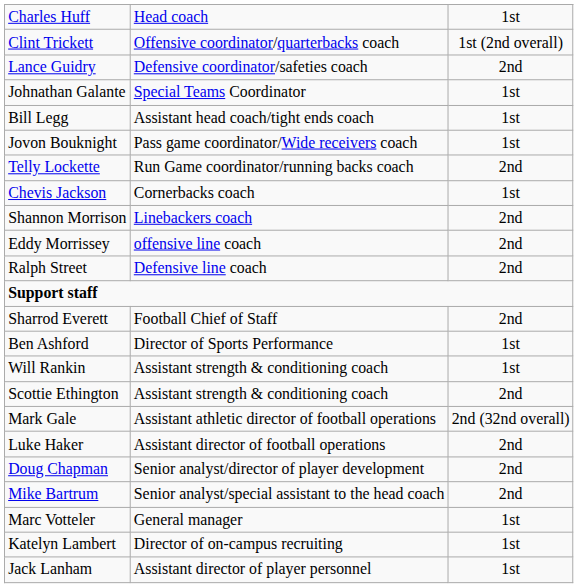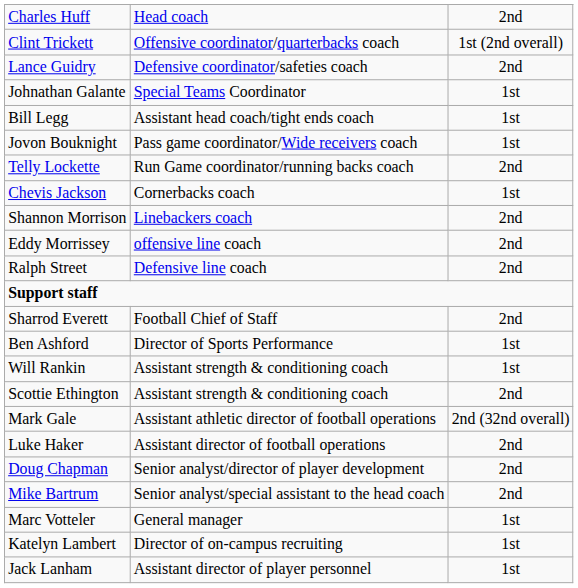 <table class="wikitable">
 <tr>
 </tr>
 <tr>
 <td><a href='#'>Charles Huff</a></td>
 <td><a href='#'>Head coach</a></td>
-<td align=center>1st</td>
+<td align=center>2nd</td>
 </tr>
 <tr>
 <td><a href='#'>Clint Trickett</a></td>
 <td><a href='#'>Offensive coordinator</a>/<a href='#'>quarterbacks</a> coach</td>
 <td align=center>1st (2nd overall)</td>
 </tr>
 <tr>
 <td><a href='#'>Lance Guidry</a></td>
 <td><a href='#'>Defensive coordinator</a>/safeties coach</td>
 <td align=center>2nd</td>
 </tr>
 <tr>
 <td>Johnathan Galante</td>
 <td><a href='#'>Special Teams</a> Coordinator</td>
 <td align=center>1st</td>
 </tr>
 <tr>
 <td>Bill Legg</td>
 <td>Assistant head coach/tight ends coach</td>
 <td align=center>1st</td>
 </tr>
 <tr>
 <td>Jovon Bouknight</td>
 <td>Pass game coordinator/<a href='#'>Wide receivers</a> coach</td>
 <td align=center>1st</td>
 </tr>
 <tr>
 <td><a href='#'>Telly Lockette</a></td>
 <td>Run Game coordinator/running backs coach</td>
 <td align=center>2nd</td>
 </tr>
 <tr>
 <td><a href='#'>Chevis Jackson</a></td>
 <td>Cornerbacks coach</td>
 <td align=center>1st</td>
 </tr>
 <tr>
 <td>Shannon Morrison</td>
 <td><a href='#'>Linebackers coach</a></td>
 <td align=center>2nd</td>
 </tr>
 <tr>
 <td>Eddy Morrissey</td>
 <td><a href='#'>offensive line</a> coach</td>
 <td align=center>2nd</td>
 </tr>
 <tr>
 <td>Ralph Street</td>
 <td><a href='#'>Defensive line</a> coach</td>
 <td align=center>2nd</td>
 </tr>
 <tr>
 <td colspan="3"><strong>Support staff</strong></td>
 </tr>
 <tr>
 <td>Sharrod Everett</td>
 <td>Football Chief of Staff</td>
 <td align=center>2nd</td>
 </tr>
 <tr>
 <td>Ben Ashford</td>
 <td>Director of Sports Performance</td>
 <td align=center>1st</td>
 </tr>
 <tr>
 <td>Will Rankin</td>
 <td>Assistant strength & conditioning coach</td>
 <td align=center>1st</td>
 </tr>
 <tr>
 <td>Scottie Ethington</td>
 <td>Assistant strength & conditioning coach</td>
 <td align=center>2nd</td>
 </tr>
 <tr>
 <td>Mark Gale</td>
 <td>Assistant athletic director of football operations</td>
 <td align=center>2nd (32nd overall)</td>
 </tr>
 <tr>
 <td>Luke Haker</td>
 <td>Assistant director of football operations</td>
 <td align=center>2nd</td>
 </tr>
 <tr>
 <td><a href='#'>Doug Chapman</a></td>
 <td>Senior analyst/director of player development</td>
 <td align=center>2nd</td>
 </tr>
 <tr>
 <td><a href='#'>Mike Bartrum</a></td>
 <td>Senior analyst/special assistant to the head coach</td>
 <td align=center>2nd</td>
 </tr>
 <tr>
 <td>Marc Votteler</td>
 <td>General manager</td>
 <td align=center>1st</td>
 </tr>
 <tr>
 <td>Katelyn Lambert</td>
 <td>Director of on-campus recruiting</td>
 <td align=center>1st</td>
 </tr>
 <tr>
 <td>Jack Lanham</td>
 <td>Assistant director of player personnel</td>
 <td align=center>1st</td>
 </tr>
 </table>
